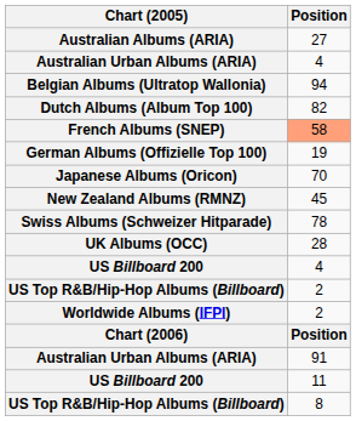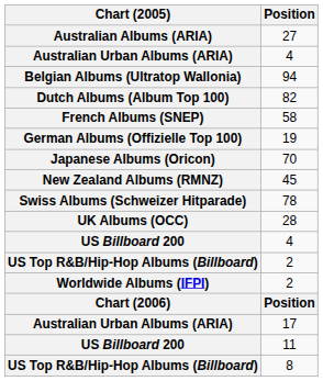 <table class="wikitable sortable plainrowheaders" style="text-align:center">
 <tr>
 <th scope="col">Chart (2005)</th>
 <th scope="col">Position</th>
 </tr>
 <tr>
 <th scope="row">Australian Albums (ARIA)</th>
 <td>27</td>
 </tr>
 <tr>
 <th scope="row">Australian Urban Albums (ARIA)</th>
 <td>4</td>
 </tr>
 <tr>
 <th scope="row">Belgian Albums (Ultratop Wallonia)</th>
 <td>94</td>
 </tr>
 <tr>
 <th scope="row">Dutch Albums (Album Top 100)</th>
 <td>82</td>
 </tr>
 <tr>
 <th scope="row">French Albums (SNEP)</th>
-<td style="background: lightsalmon;">58</td>
+<td>58</td>
 </tr>
 <tr>
 <th scope="row">German Albums (Offizielle Top 100)</th>
 <td>19</td>
 </tr>
 <tr>
 <th scope="row">Japanese Albums (Oricon)</th>
 <td>70</td>
 </tr>
 <tr>
 <th scope="row">New Zealand Albums (RMNZ)</th>
 <td>45</td>
 </tr>
 <tr>
 <th scope="row">Swiss Albums (Schweizer Hitparade)</th>
 <td>78</td>
 </tr>
 <tr>
 <th scope="row">UK Albums (OCC)</th>
 <td>28</td>
 </tr>
 <tr>
 <th scope="row">US <em>Billboard</em> 200</th>
 <td>4</td>
 </tr>
 <tr>
 <th scope="row">US Top R&B/Hip-Hop Albums (<em>Billboard</em>)</th>
 <td>2</td>
 </tr>
 <tr>
 <th scope="row">Worldwide Albums (<a href='#'>IFPI</a>)</th>
 <td>2</td>
 </tr>
 <tr>
 <th scope="col">Chart (2006)</th>
 <th scope="col">Position</th>
 </tr>
 <tr>
 <th scope="row">Australian Urban Albums (ARIA)</th>
-<td>91</td>
+<td>17</td>
 </tr>
 <tr>
 <th scope="row">US <em>Billboard</em> 200</th>
 <td>11</td>
 </tr>
 <tr>
 <th scope="row">US Top R&B/Hip-Hop Albums (<em>Billboard</em>)</th>
 <td>8</td>
 </tr>
 </table>
